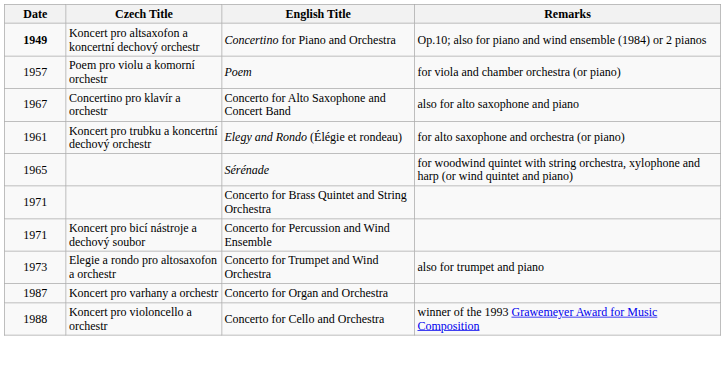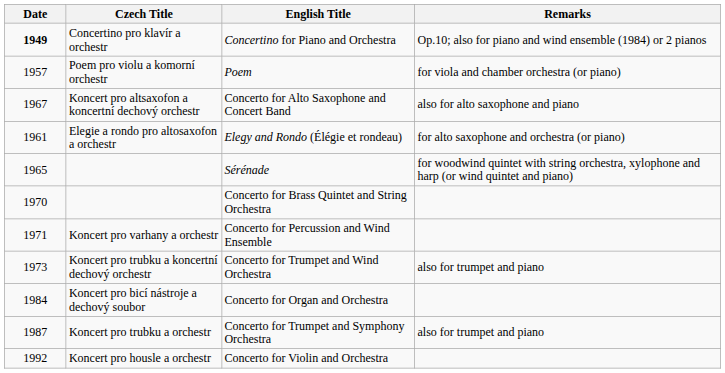 <table class="wikitable" style="margins:auto; width=95%;">
 <tr>
 <th width="75">Date</th>
 <th width="200">Czech Title</th>
 <th width="250">English Title</th>
 <th width="400">Remarks</th>
 </tr>
 <tr>
 <td align=center><strong>1949</strong></td>
-<td>Koncert pro altsaxofon a koncertní dechový orchestr</td>
+<td>Concertino pro klavír a orchestr</td>
 <td><em>Concertino</em> for Piano and Orchestra</td>
 <td>Op.10; also for piano and wind ensemble (1984) or 2 pianos</td>
 </tr>
 <tr>
 <td align=center>1957</td>
 <td>Poem pro violu a komorní orchestr</td>
 <td><em>Poem</em></td>
 <td>for viola and chamber orchestra (or piano)</td>
 </tr>
 <tr>
 <td align=center>1967</td>
-<td>Concertino pro klavír a orchestr</td>
+<td>Koncert pro altsaxofon a koncertní dechový orchestr</td>
 <td>Concerto for Alto Saxophone and Concert Band</td>
 <td>also for alto saxophone and piano</td>
 </tr>
 <tr>
 <td align=center>1961</td>
-<td>Koncert pro trubku a koncertní dechový orchestr</td>
+<td>Elegie a rondo pro altosaxofon a orchestr</td>
 <td><em>Elegy and Rondo</em> (Élégie et rondeau)</td>
 <td>for alto saxophone and orchestra (or piano)</td>
 </tr>
 <tr>
 <td align=center>1965</td>
 <td> </td>
 <td><em>Sérénade</em></td>
 <td>for woodwind quintet with string orchestra, xylophone and harp (or wind quintet and piano)</td>
 </tr>
 <tr>
-<td align=center>1971</td>
+<td align=center>1970</td>
 <td> </td>
 <td>Concerto for Brass Quintet and String Orchestra</td>
 <td> </td>
 </tr>
 <tr>
 <td align=center>1971</td>
-<td>Koncert pro bicí nástroje a dechový soubor</td>
+<td>Koncert pro varhany a orchestr</td>
 <td>Concerto for Percussion and Wind Ensemble</td>
 <td> </td>
 </tr>
 <tr>
 <td align=center>1973</td>
-<td>Elegie a rondo pro altosaxofon a orchestr</td>
+<td>Koncert pro trubku a koncertní dechový orchestr</td>
 <td>Concerto for Trumpet and Wind Orchestra</td>
 <td>also for trumpet and piano</td>
 </tr>
 <tr>
-<td align=center>1987</td>
-<td>Koncert pro varhany a orchestr</td>
+<td align=center>1984</td>
+<td>Koncert pro bicí nástroje a dechový soubor</td>
 <td>Concerto for Organ and Orchestra</td>
 <td> </td>
 </tr>
 <tr>
-<td align=center>1988</td>
-<td>Koncert pro violoncello a orchestr</td>
-<td>Concerto for Cello and Orchestra</td>
-<td>winner of the 1993 <a href='#'>Grawemeyer Award for Music Composition</a></td>
+<td align=center>1987</td>
+<td>Koncert pro trubku a orchestr</td>
+<td>Concerto for Trumpet and Symphony Orchestra</td>
+<td>also for trumpet and piano</td>
+</tr>
+<tr>
+<td align=center>1992</td>
+<td>Koncert pro housle a orchestr</td>
+<td>Concerto for Violin and Orchestra</td>
+<td> </td>
 </tr>
 </table>
